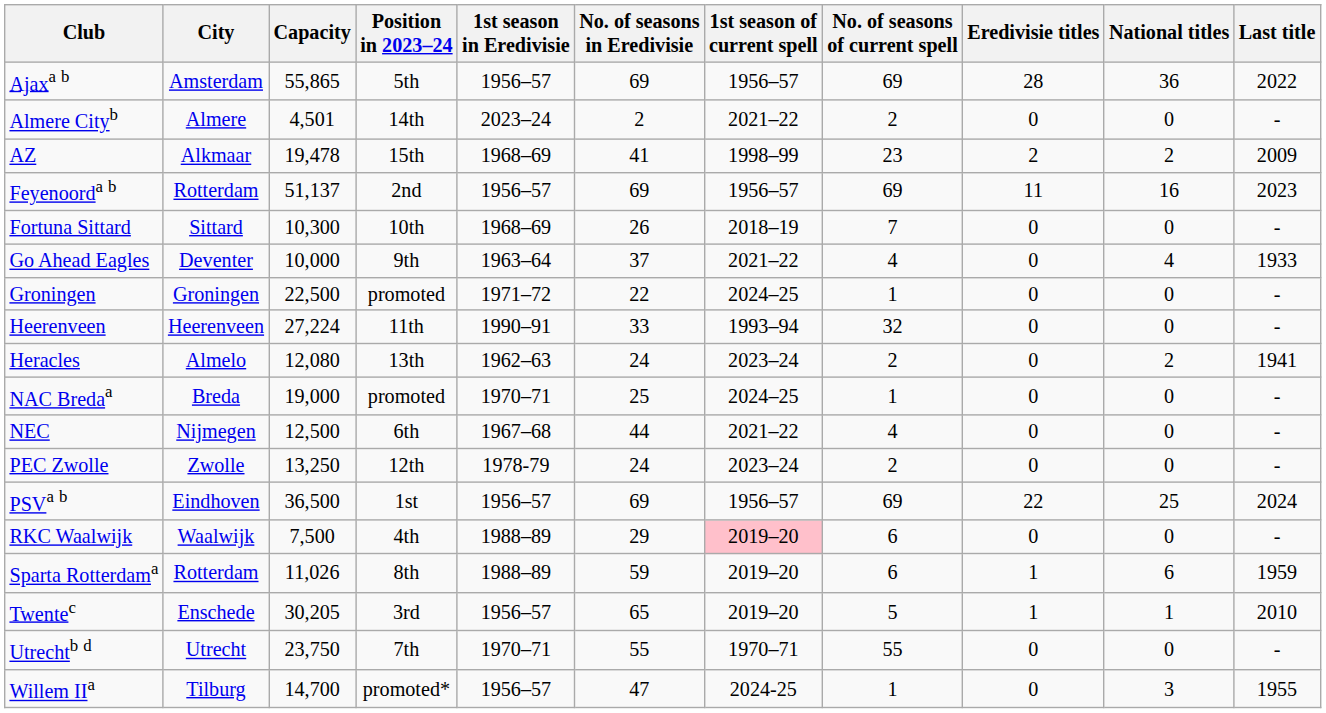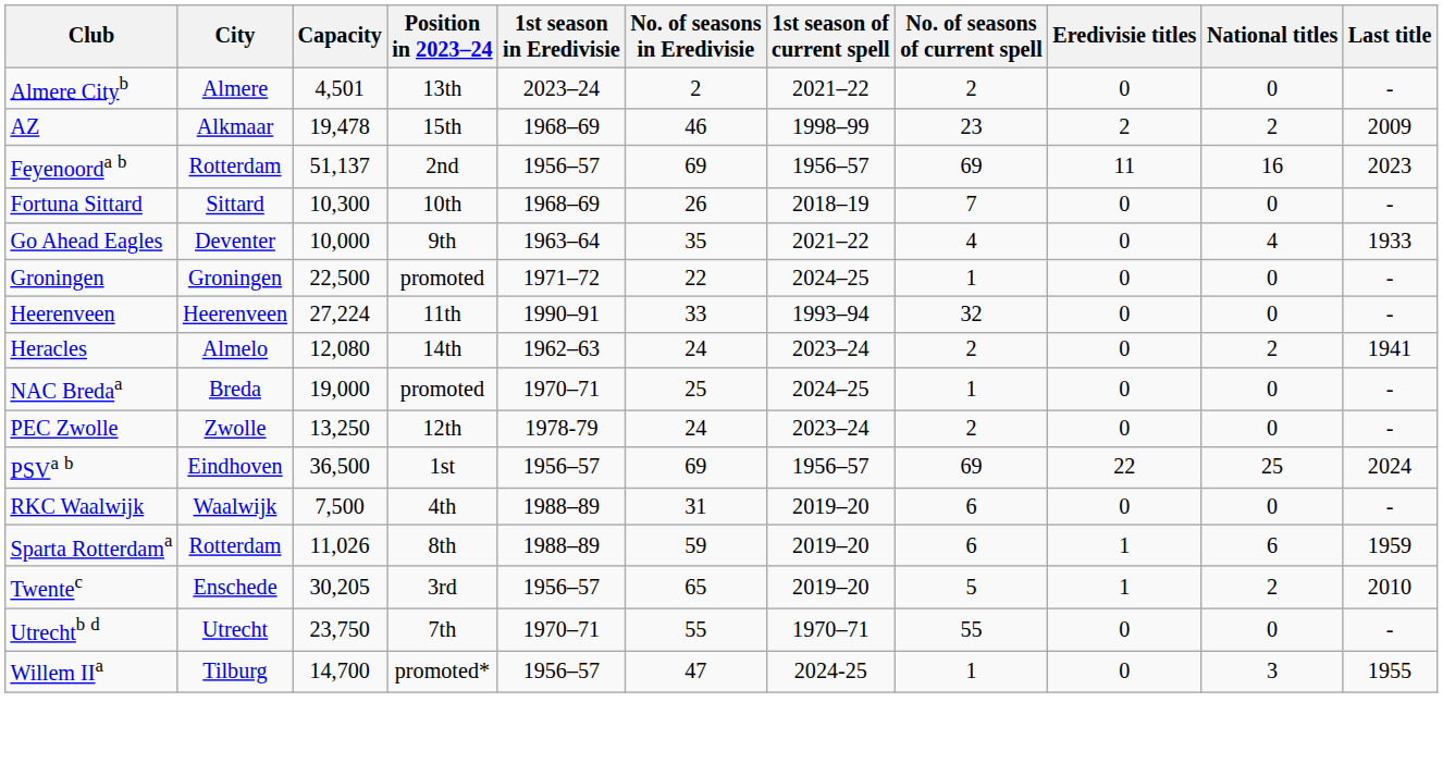 <table class="wikitable sortable" style="text-align:center; font-size:90%">
 <tr>
 <th>Club<br></th>
 <th>City</th>
 <th>Capacity</th>
 <th>Position<br>in <a href='#'>2023–24</a></th>
 <th>1st season<br>in Eredivisie</th>
 <th>No. of seasons<br>in Eredivisie</th>
 <th>1st season of<br>current spell</th>
 <th>No. of seasons<br>of current spell</th>
 <th>Eredivisie titles</th>
 <th>National titles</th>
 <th>Last title</th>
 </tr>
 <tr>
-<td style="text-align:left;"><a href='#'>Ajax</a><sup>a</sup> <sup>b</sup></td>
-<td><a href='#'>Amsterdam</a></td>
-<td>55,865</td>
-<td data-sort-value="01”">5th</td>
-<td>1956–57</td>
-<td>69</td>
-<td>1956–57</td>
-<td>69</td>
-<td>28</td>
-<td>36</td>
-<td>2022</td>
-</tr>
-<tr>
 <td style="text-align:left;"><a href='#'>Almere City</a><sup>b</sup></td>
 <td><a href='#'>Almere</a></td>
 <td>4,501</td>
-<td data-sort-value="14">14th</td>
+<td data-sort-value="13">13th</td>
 <td>2023–24</td>
 <td>2</td>
 <td>2021–22</td>
 <td>2</td>
 <td>0</td>
 <td>0</td>
 <td>-</td>
 </tr>
 <tr>
 <td style="text-align:left;"><a href='#'>AZ</a></td>
 <td><a href='#'>Alkmaar</a></td>
 <td>19,478</td>
 <td data-sort-value="13">15th</td>
 <td>1968–69</td>
-<td>41</td>
+<td>46</td>
 <td>1998–99</td>
 <td>23</td>
 <td>2</td>
 <td>2</td>
 <td>2009</td>
 </tr>
 <tr>
 <td style="text-align:left;"><a href='#'>Feyenoord</a><sup>a</sup> <sup>b</sup></td>
 <td><a href='#'>Rotterdam</a></td>
 <td>51,137</td>
 <td data-sort-value="02">2nd</td>
 <td>1956–57</td>
 <td>69</td>
 <td>1956–57</td>
 <td>69</td>
 <td>11</td>
 <td>16</td>
 <td>2023</td>
 </tr>
 <tr>
 <td style="text-align:left;"><a href='#'>Fortuna Sittard</a></td>
 <td><a href='#'>Sittard</a></td>
 <td>10,300</td>
 <td data-sort-value="10">10th</td>
 <td>1968–69</td>
 <td>26</td>
 <td>2018–19</td>
 <td>7</td>
 <td>0</td>
 <td>0</td>
 <td>-</td>
 </tr>
 <tr>
 <td style="text-align:left;"><a href='#'>Go Ahead Eagles</a></td>
 <td><a href='#'>Deventer</a></td>
 <td>10,000</td>
 <td data-sort-value="9">9th</td>
 <td>1963–64</td>
-<td>37</td>
+<td>35</td>
 <td>2021–22</td>
 <td>4</td>
 <td>0</td>
 <td>4</td>
 <td>1933</td>
 </tr>
 <tr>
 <td style="text-align:left;"><a href='#'>Groningen</a></td>
 <td><a href='#'>Groningen</a></td>
 <td>22,500</td>
 <td data-sort-value="17">promoted</td>
 <td>1971–72</td>
 <td>22</td>
 <td>2024–25</td>
 <td>1</td>
 <td>0</td>
 <td>0</td>
 <td>-</td>
 </tr>
 <tr>
 <td style="text-align:left;"><a href='#'>Heerenveen</a></td>
 <td><a href='#'>Heerenveen</a></td>
 <td>27,224</td>
 <td data-sort-value="11">11th</td>
 <td>1990–91</td>
 <td>33</td>
 <td>1993–94</td>
 <td>32</td>
 <td>0</td>
 <td>0</td>
 <td>-</td>
 </tr>
 <tr>
 <td style="text-align:left;"><a href='#'>Heracles</a></td>
 <td><a href='#'>Almelo</a></td>
 <td>12,080</td>
-<td data-sort-value="13">13th</td>
+<td data-sort-value="14">14th</td>
 <td>1962–63</td>
 <td>24</td>
 <td>2023–24</td>
 <td>2</td>
 <td>0</td>
 <td>2</td>
 <td>1941</td>
 </tr>
 <tr>
 <td style="text-align:left;"><a href='#'>NAC Breda</a><sup>a</sup></td>
 <td><a href='#'>Breda</a></td>
 <td>19,000</td>
 <td data-sort-value="18">promoted</td>
 <td>1970–71</td>
 <td>25</td>
 <td>2024–25</td>
 <td>1</td>
-<td>0</td>
-<td>0</td>
-<td>-</td>
-</tr>
-<tr>
-<td style="text-align:left;"><a href='#'>NEC</a></td>
-<td><a href='#'>Nijmegen</a></td>
-<td>12,500</td>
-<td data-sort-value="6">6th</td>
-<td>1967–68</td>
-<td>44</td>
-<td>2021–22</td>
-<td>4</td>
 <td>0</td>
 <td>0</td>
 <td>-</td>
 </tr>
 <tr>
 <td style="text-align:left;"><a href='#'>PEC Zwolle</a></td>
 <td><a href='#'>Zwolle</a></td>
 <td>13,250</td>
 <td data-sort-value="12">12th</td>
 <td>1978-79</td>
 <td>24</td>
 <td>2023–24</td>
 <td>2</td>
 <td>0</td>
 <td>0</td>
 <td>-</td>
 </tr>
 <tr>
 <td style="text-align:left;"><a href='#'>PSV</a><sup>a</sup> <sup>b</sup></td>
 <td><a href='#'>Eindhoven</a></td>
 <td>36,500</td>
 <td data-sort-value="02">1st</td>
 <td>1956–57</td>
 <td>69</td>
 <td>1956–57</td>
 <td>69</td>
 <td>22</td>
 <td>25</td>
 <td>2024</td>
 </tr>
 <tr>
 <td style="text-align:left;"><a href='#'>RKC Waalwijk</a></td>
 <td><a href='#'>Waalwijk</a></td>
 <td>7,500</td>
 <td data-sort-value="04">4th</td>
 <td>1988–89</td>
-<td>29</td>
-<td style="background: pink;">2019–20</td>
+<td>31</td>
+<td>2019–20</td>
 <td>6</td>
 <td>0</td>
 <td>0</td>
 <td>-</td>
 </tr>
 <tr>
 <td style="text-align:left;"><a href='#'>Sparta Rotterdam</a><sup>a</sup></td>
 <td><a href='#'>Rotterdam</a></td>
 <td>11,026</td>
 <td data-sort-value="10">8th</td>
 <td>1988–89</td>
 <td>59</td>
 <td>2019–20</td>
 <td>6</td>
 <td>1</td>
 <td>6</td>
 <td>1959</td>
 </tr>
 <tr>
 <td style="text-align:left;"><a href='#'>Twente</a><sup>c</sup></td>
 <td><a href='#'>Enschede</a></td>
 <td>30,205</td>
 <td data-sort-value="03">3rd</td>
 <td>1956–57</td>
 <td>65</td>
 <td>2019–20</td>
 <td>5</td>
 <td>1</td>
-<td>1</td>
+<td>2</td>
 <td>2010</td>
 </tr>
 <tr>
 <td style="text-align:left;"><a href='#'>Utrecht</a><sup>b</sup> <sup>d</sup></td>
 <td><a href='#'>Utrecht</a></td>
 <td>23,750</td>
 <td data-sort-value="06">7th</td>
 <td>1970–71</td>
 <td>55</td>
 <td>1970–71</td>
 <td>55</td>
 <td>0</td>
 <td>0</td>
 <td>-</td>
 </tr>
 <tr>
 <td style="text-align:left;"><a href='#'>Willem II</a><sup>a</sup></td>
 <td><a href='#'>Tilburg</a></td>
 <td>14,700</td>
 <td data-sort-value="16">promoted*</td>
 <td>1956–57</td>
 <td>47</td>
 <td>2024-25</td>
 <td>1</td>
 <td>0</td>
 <td>3</td>
 <td>1955</td>
 </tr>
 </table>
